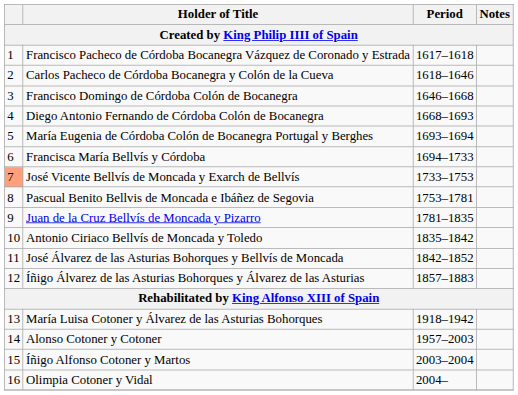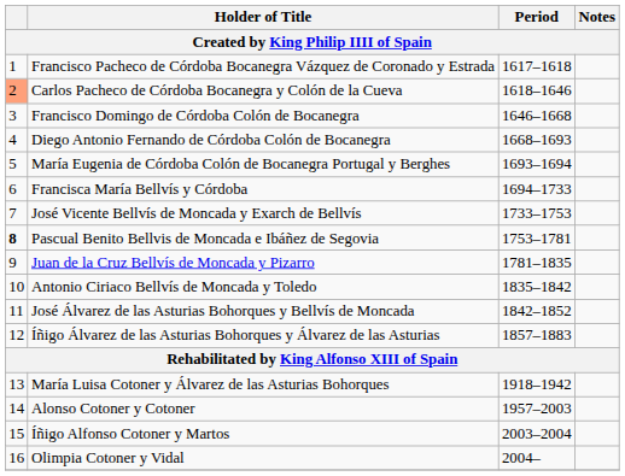 <table class="wikitable">
 <tr>
 <th></th>
 <th>Holder of Title</th>
 <th>Period</th>
 <th>Notes</th>
 </tr>
 <tr bgcolor="#dddddd" |>
 <th colspan="5">Created by <a href='#'>King Philip IIII of Spain</a></th>
 </tr>
 <tr>
 <td>1</td>
 <td>Francisco Pacheco de Córdoba Bocanegra Vázquez de Coronado y Estrada</td>
 <td>1617–1618</td>
 <td></td>
 </tr>
 <tr>
-<td>2</td>
+<td style="background: lightsalmon;">2</td>
 <td>Carlos Pacheco de Córdoba Bocanegra y Colón de la Cueva</td>
 <td>1618–1646</td>
 <td></td>
 </tr>
 <tr>
 <td>3</td>
 <td>Francisco Domingo de Córdoba Colón de Bocanegra</td>
 <td>1646–1668</td>
 <td></td>
 </tr>
 <tr>
 <td>4</td>
 <td>Diego Antonio Fernando de Córdoba Colón de Bocanegra</td>
 <td>1668–1693</td>
 <td></td>
 </tr>
 <tr>
 <td>5</td>
 <td>María Eugenia de Córdoba Colón de Bocanegra Portugal y Berghes</td>
 <td>1693–1694</td>
 <td></td>
 </tr>
 <tr>
 <td>6</td>
 <td>Francisca María Bellvís y Córdoba</td>
 <td>1694–1733</td>
 <td></td>
 </tr>
 <tr>
-<td style="background: lightsalmon;">7</td>
+<td>7</td>
 <td>José Vicente Bellvís de Moncada y Exarch de Bellvís</td>
 <td>1733–1753</td>
 <td></td>
 </tr>
 <tr>
-<td>8</td>
+<td><strong>8</strong></td>
 <td>Pascual Benito Bellvis de Moncada e Ibáñez de Segovia</td>
 <td>1753–1781</td>
 <td></td>
 </tr>
 <tr>
 <td>9</td>
 <td><a href='#'>Juan de la Cruz Bellvís de Moncada y Pizarro</a></td>
 <td>1781–1835</td>
 <td></td>
 </tr>
 <tr>
 <td>10</td>
 <td>Antonio Ciriaco Bellvís de Moncada y Toledo</td>
 <td>1835–1842</td>
 <td></td>
 </tr>
 <tr>
 <td>11</td>
 <td>José Álvarez de las Asturias Bohorques y Bellvís de Moncada</td>
 <td>1842–1852</td>
 <td></td>
 </tr>
 <tr>
 <td>12</td>
 <td>Íñigo Álvarez de las Asturias Bohorques y Álvarez de las Asturias</td>
 <td>1857–1883</td>
 <td></td>
 </tr>
 <tr>
 <th colspan="5">Rehabilitated by <a href='#'>King Alfonso XIII of Spain</a></th>
 </tr>
 <tr>
 <td>13</td>
 <td>María Luisa Cotoner y Álvarez de las Asturias Bohorques</td>
 <td>1918–1942</td>
 <td></td>
 </tr>
 <tr>
 <td>14</td>
 <td>Alonso Cotoner y Cotoner</td>
 <td>1957–2003</td>
 <td></td>
 </tr>
 <tr>
 <td>15</td>
 <td>Íñigo Alfonso Cotoner y Martos</td>
 <td>2003–2004</td>
 <td></td>
 </tr>
 <tr>
 <td>16</td>
 <td>Olimpia Cotoner y Vidal</td>
 <td>2004–</td>
 <td></td>
 </tr>
 <tr>
 </tr>
 </table>
